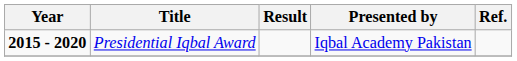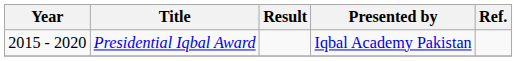 <table class="wikitable">
 <tr>
 <th>Year</th>
 <th>Title</th>
 <th>Result</th>
 <th>Presented by</th>
 <th><abbr>Ref.</abbr></th>
 </tr>
 <tr>
-<td><strong>2015 - 2020</strong></td>
+<td>2015 - 2020</td>
 <td><em><a href='#'>Presidential Iqbal Award</a></em></td>
 <td></td>
 <td><a href='#'>Iqbal Academy Pakistan</a></td>
 <td></td>
 </tr>
 <tr>
 </tr>
 </table>
